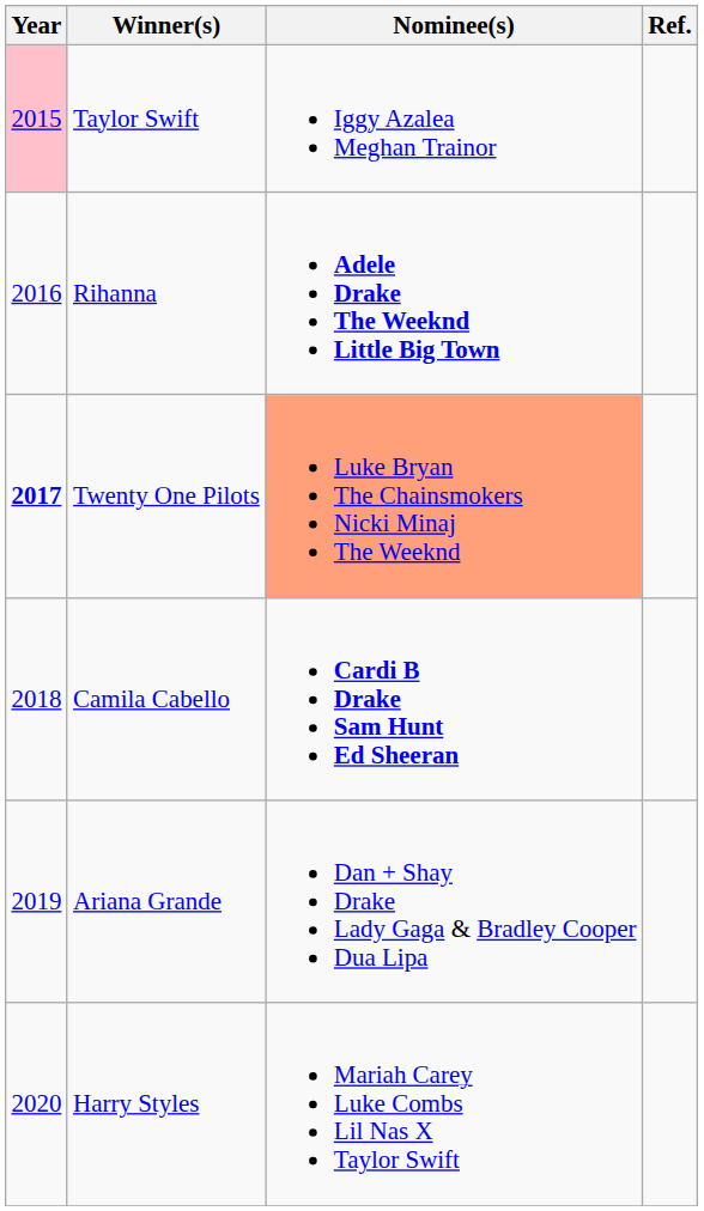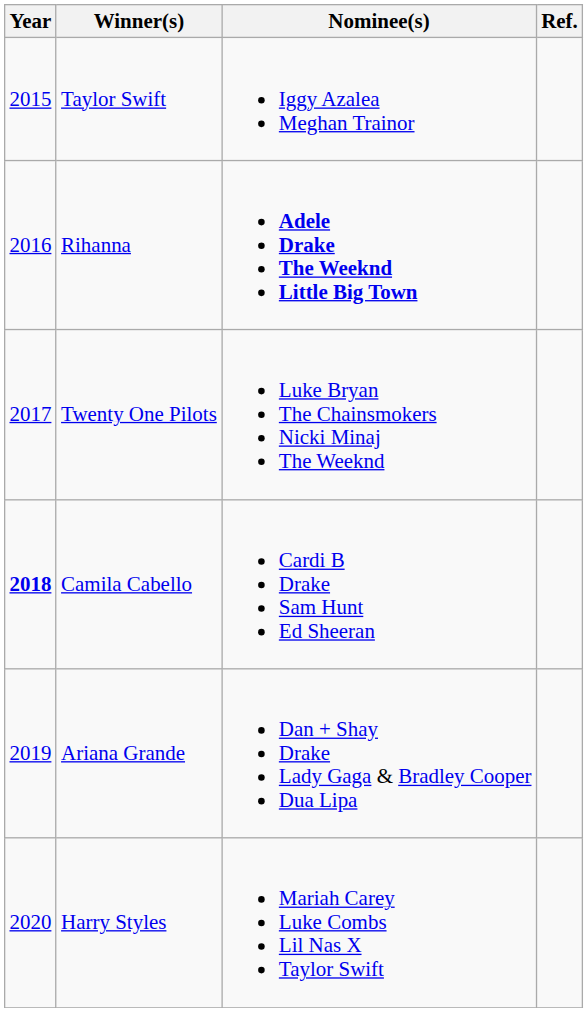 <table class="wikitable">
 <tr>
 <th>Year</th>
 <th>Winner(s)</th>
 <th>Nominee(s)</th>
 <th>Ref.</th>
 </tr>
 <tr>
-<td style="background: pink;"><a href='#'>2015</a></td>
+<td><a href='#'>2015</a></td>
 <td><a href='#'>Taylor Swift</a></td>
 <td><br><ul><li><a href='#'>Iggy Azalea</a></li><li><a href='#'>Meghan Trainor</a></li></ul></td>
 <td></td>
 </tr>
 <tr>
 <td><a href='#'>2016</a></td>
 <td><a href='#'>Rihanna</a></td>
 <td><strong><br><ul><li><a href='#'>Adele</a></li><li><a href='#'>Drake</a></li><li><a href='#'>The Weeknd</a></li><li><a href='#'>Little Big Town</a></li></ul></strong></td>
 <td></td>
 </tr>
 <tr>
-<td><strong><a href='#'>2017</a></strong></td>
+<td><a href='#'>2017</a></td>
 <td><a href='#'>Twenty One Pilots</a></td>
-<td style="background: lightsalmon;"><br><ul><li><a href='#'>Luke Bryan</a></li><li><a href='#'>The Chainsmokers</a></li><li><a href='#'>Nicki Minaj</a></li><li><a href='#'>The Weeknd</a></li></ul></td>
+<td><br><ul><li><a href='#'>Luke Bryan</a></li><li><a href='#'>The Chainsmokers</a></li><li><a href='#'>Nicki Minaj</a></li><li><a href='#'>The Weeknd</a></li></ul></td>
 <td></td>
 </tr>
 <tr>
-<td><a href='#'>2018</a></td>
+<td><strong><a href='#'>2018</a></strong></td>
 <td><a href='#'>Camila Cabello</a></td>
-<td><strong><br><ul><li><a href='#'>Cardi B</a></li><li><a href='#'>Drake</a></li><li><a href='#'>Sam Hunt</a></li><li><a href='#'>Ed Sheeran</a></li></ul></strong></td>
+<td><br><ul><li><a href='#'>Cardi B</a></li><li><a href='#'>Drake</a></li><li><a href='#'>Sam Hunt</a></li><li><a href='#'>Ed Sheeran</a></li></ul></td>
 <td></td>
 </tr>
 <tr>
 <td><a href='#'>2019</a></td>
 <td><a href='#'>Ariana Grande</a></td>
 <td><br><ul><li><a href='#'>Dan + Shay</a></li><li><a href='#'>Drake</a></li><li><a href='#'>Lady Gaga</a> & <a href='#'>Bradley Cooper</a></li><li><a href='#'>Dua Lipa</a></li></ul></td>
 <td></td>
 </tr>
 <tr>
 <td><a href='#'>2020</a></td>
 <td><a href='#'>Harry Styles</a></td>
 <td><br><ul><li><a href='#'>Mariah Carey</a></li><li><a href='#'>Luke Combs</a></li><li><a href='#'>Lil Nas X</a></li><li><a href='#'>Taylor Swift</a></li></ul></td>
 <td></td>
 </tr>
 <tr>
 </tr>
 </table>
